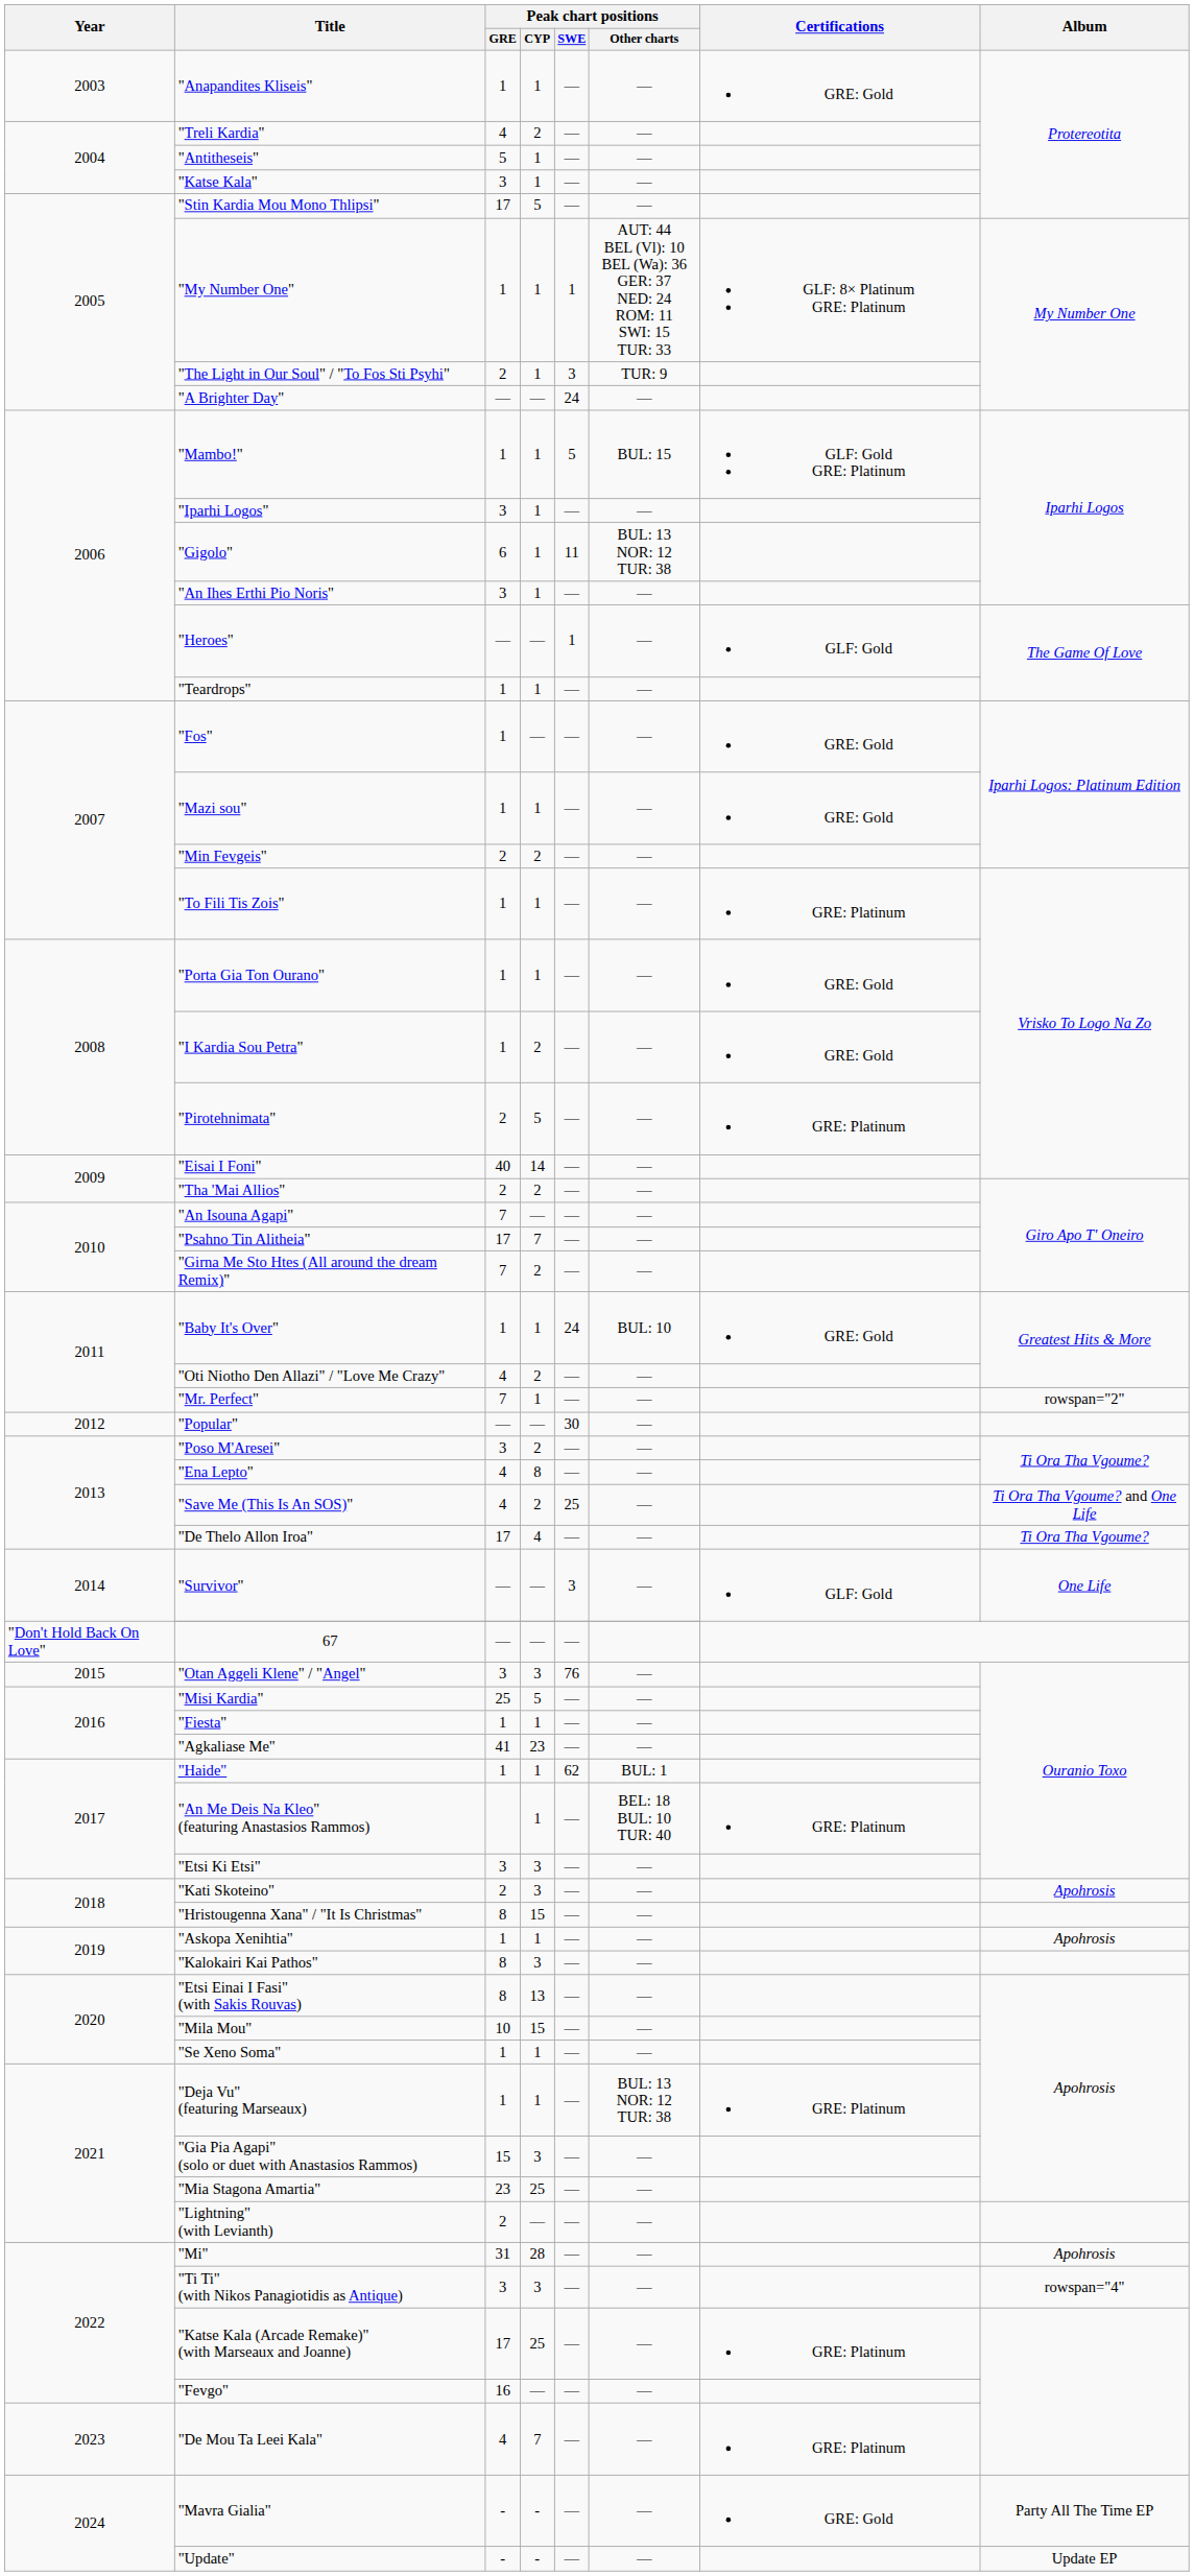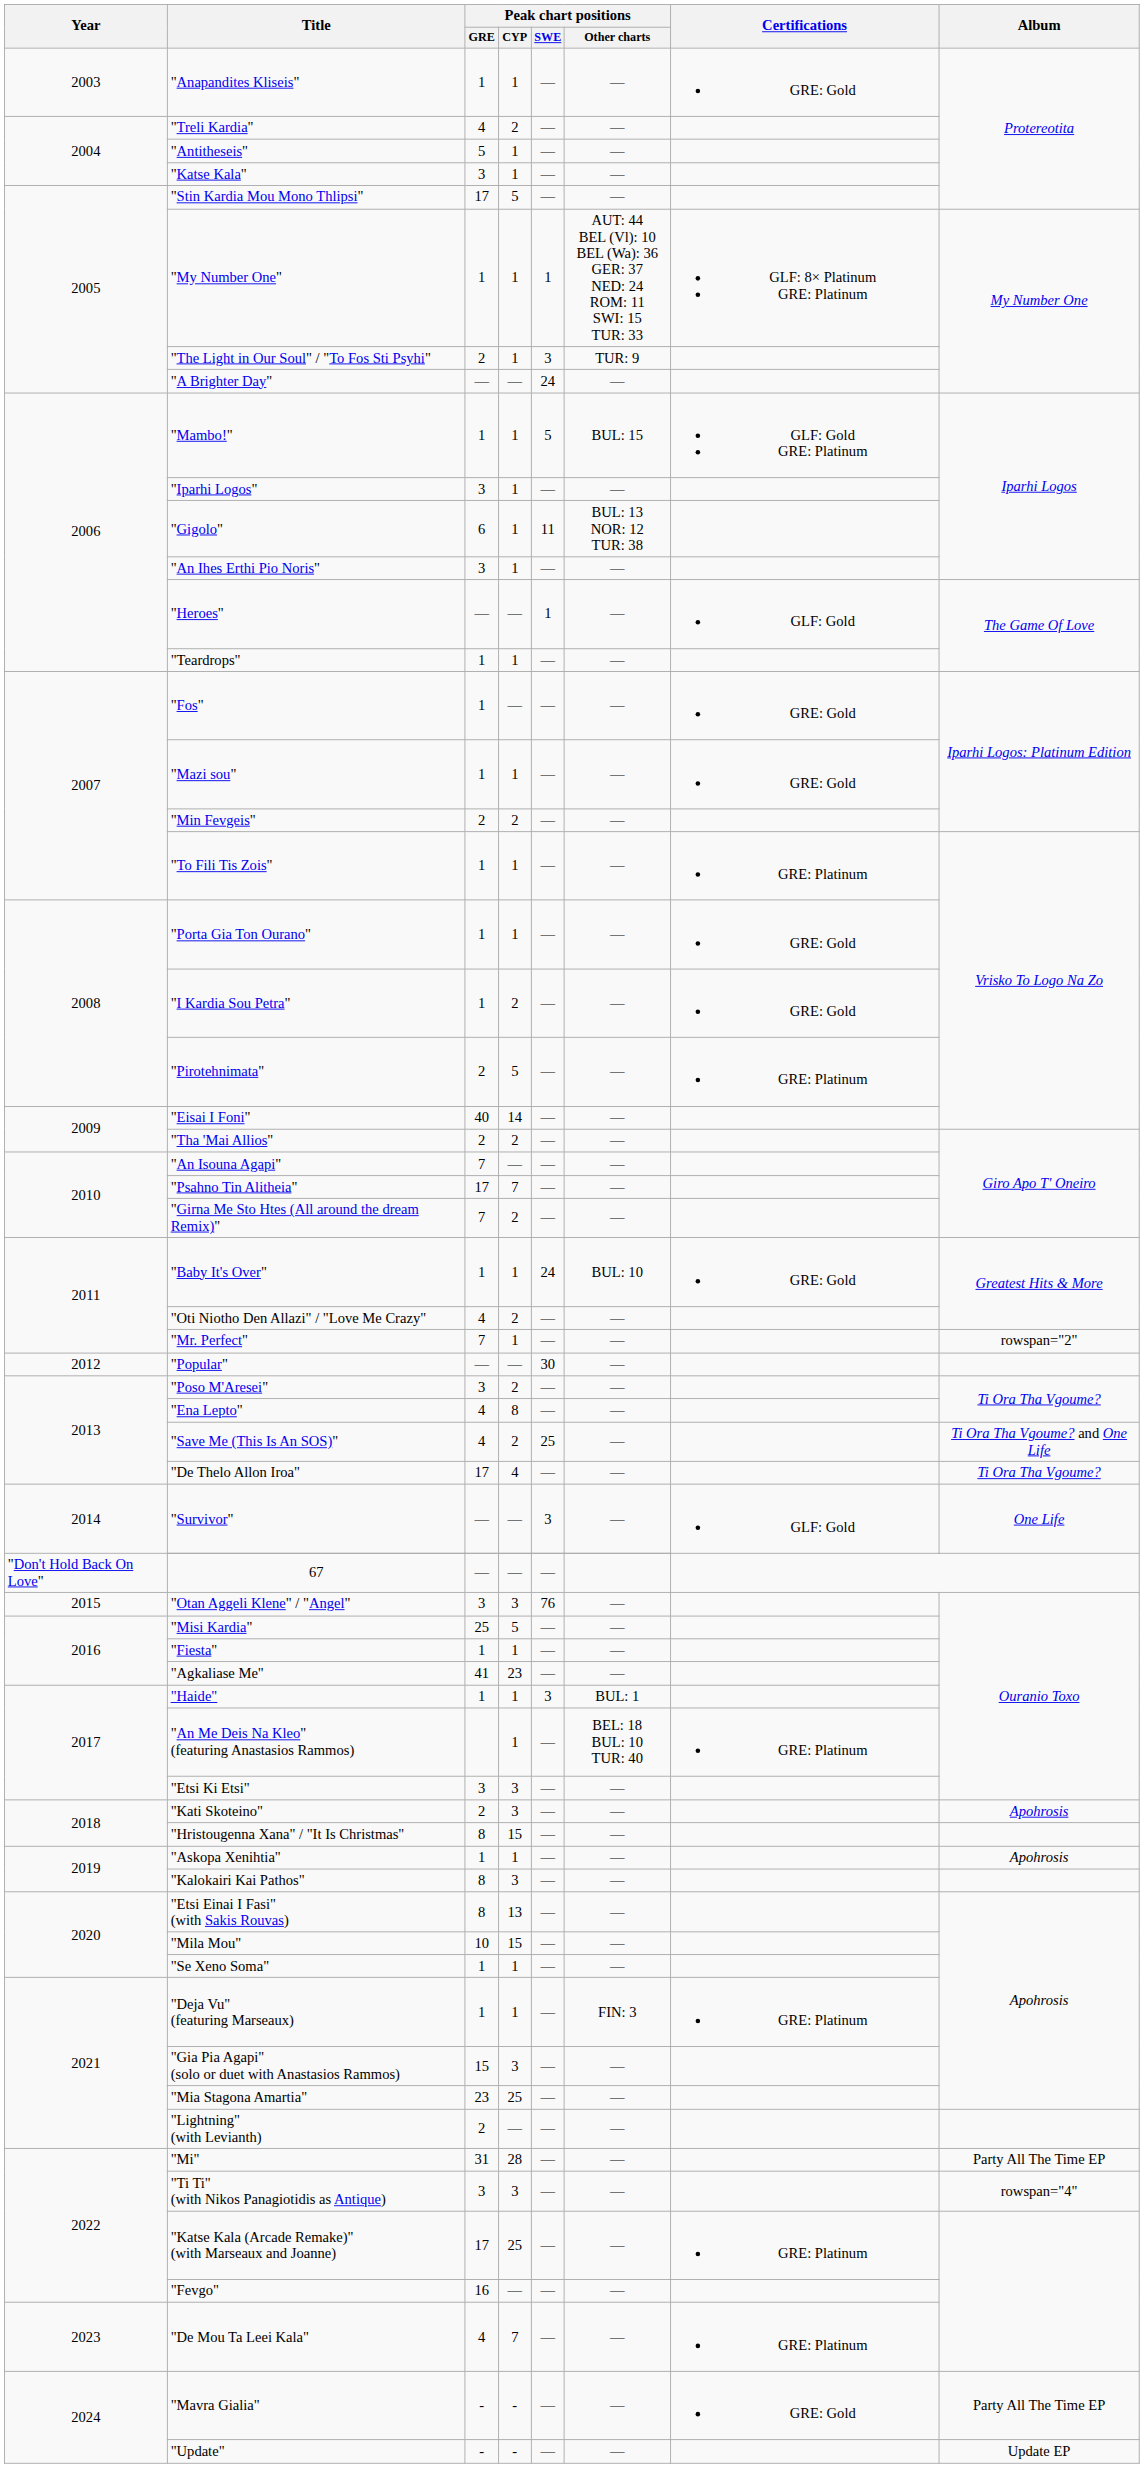 <table class="wikitable" style="text-align:center;">
 <tr>
 <th rowspan="2">Year</th>
 <th scope="col" rowspan="2" style="width:20em;">Title</th>
 <th colspan="4">Peak chart positions</th>
 <th scope="col" rowspan="2" style="width:18em;"><a href='#'>Certifications</a></th>
 <th rowspan="2">Album</th>
 </tr>
 <tr style="font-size:smaller">
 <th width="30">GRE</th>
 <th width="30">CYP</th>
 <th width="30"><a href='#'>SWE</a> <br></th>
 <th width="110">Other charts</th>
 </tr>
 <tr>
 <td rowspan="1">2003</td>
 <td align="left">"<a href='#'>Anapandites Kliseis</a>"</td>
 <td>1</td>
 <td>1</td>
 <td>—</td>
 <td>—</td>
 <td><br><ul><li>GRE: Gold</li></ul></td>
 <td rowspan="5"><em><a href='#'>Protereotita</a></em></td>
 </tr>
 <tr>
 <td rowspan="3">2004</td>
 <td align="left">"<a href='#'>Treli Kardia</a>"</td>
 <td>4</td>
 <td>2</td>
 <td>—</td>
 <td>—</td>
 <td></td>
 </tr>
 <tr>
 <td align="left">"<a href='#'>Antitheseis</a>"</td>
 <td>5</td>
 <td>1</td>
 <td>—</td>
 <td>—</td>
 <td></td>
 </tr>
 <tr>
 <td align="left">"<a href='#'>Katse Kala</a>"</td>
 <td>3</td>
 <td>1</td>
 <td>—</td>
 <td>—</td>
 <td></td>
 </tr>
 <tr>
 <td rowspan="4">2005</td>
 <td align="left">"<a href='#'>Stin Kardia Mou Mono Thlipsi</a>"</td>
 <td>17</td>
 <td>5</td>
 <td>—</td>
 <td>—</td>
 <td></td>
 </tr>
 <tr>
 <td align="left">"<a href='#'>My Number One</a>"</td>
 <td>1</td>
 <td>1</td>
 <td>1</td>
 <td>AUT: 44 <br> BEL (Vl): 10 <br> BEL (Wa): 36 <br> GER: 37 <br> NED: 24<br> ROM: 11<br> SWI: 15 <br> TUR: 33</td>
 <td><br><ul><li>GLF: 8× Platinum</li><li>GRE: Platinum</li></ul></td>
 <td rowspan="3"><em><a href='#'>My Number One</a></em></td>
 </tr>
 <tr>
 <td align="left">"<a href='#'>The Light in Our Soul</a>" / "<a href='#'>To Fos Sti Psyhi</a>"</td>
 <td>2</td>
 <td>1</td>
 <td>3</td>
 <td>TUR: 9</td>
 <td></td>
 </tr>
 <tr>
 <td align="left">"<a href='#'>A Brighter Day</a>"</td>
 <td>—</td>
 <td>—</td>
 <td>24</td>
 <td>—</td>
 <td></td>
 </tr>
 <tr>
 <td rowspan="6">2006</td>
 <td align="left">"<a href='#'>Mambo!</a>"</td>
 <td>1</td>
 <td>1</td>
 <td>5</td>
 <td>BUL: 15</td>
 <td><br><ul><li>GLF: Gold</li><li>GRE: Platinum</li></ul></td>
 <td rowspan="4"><em><a href='#'>Iparhi Logos</a></em></td>
 </tr>
 <tr>
 <td align="left">"<a href='#'>Iparhi Logos</a>"</td>
 <td>3</td>
 <td>1</td>
 <td>—</td>
 <td>—</td>
 <td></td>
 </tr>
 <tr>
 <td align="left">"<a href='#'>Gigolo</a>"</td>
 <td>6</td>
 <td>1</td>
 <td>11</td>
 <td>BUL: 13 <br> NOR: 12 <br>TUR: 38</td>
 <td></td>
 </tr>
 <tr>
 <td align="left">"<a href='#'>An Ihes Erthi Pio Noris</a>"</td>
 <td>3</td>
 <td>1</td>
 <td>—</td>
 <td>—</td>
 <td></td>
 </tr>
 <tr>
 <td align="left">"<a href='#'>Heroes</a>"</td>
 <td>—</td>
 <td>—</td>
 <td>1</td>
 <td>—</td>
 <td><br><ul><li>GLF: Gold</li></ul></td>
 <td rowspan="2"><em><a href='#'>The Game Of Love</a></em></td>
 </tr>
 <tr>
 <td align="left">"Teardrops"</td>
 <td>1</td>
 <td>1</td>
 <td>—</td>
 <td>—</td>
 <td></td>
 </tr>
 <tr>
 <td rowspan="4">2007</td>
 <td align="left">"<a href='#'>Fos</a>"</td>
 <td>1</td>
 <td>—</td>
 <td>—</td>
 <td>—</td>
 <td><br><ul><li>GRE: Gold</li></ul></td>
 <td rowspan="3"><em><a href='#'>Iparhi Logos: Platinum Edition</a></em></td>
 </tr>
 <tr>
 <td align="left">"<a href='#'>Mazi sou</a>"</td>
 <td>1</td>
 <td>1</td>
 <td>—</td>
 <td>—</td>
 <td><br><ul><li>GRE: Gold</li></ul></td>
 </tr>
 <tr>
 <td align="left">"<a href='#'>Min Fevgeis</a>"</td>
 <td>2</td>
 <td>2</td>
 <td>—</td>
 <td>—</td>
 <td></td>
 </tr>
 <tr>
 <td align="left">"<a href='#'>To Fili Tis Zois</a>"</td>
 <td>1</td>
 <td>1</td>
 <td>—</td>
 <td>—</td>
 <td><br><ul><li>GRE: Platinum</li></ul></td>
 <td rowspan="5"><em><a href='#'>Vrisko To Logo Na Zo</a></em></td>
 </tr>
 <tr>
 <td rowspan="3">2008</td>
 <td align="left">"<a href='#'>Porta Gia Ton Ourano</a>"</td>
 <td>1</td>
 <td>1</td>
 <td>—</td>
 <td>—</td>
 <td><br><ul><li>GRE: Gold</li></ul></td>
 </tr>
 <tr>
 <td align="left">"<a href='#'>I Kardia Sou Petra</a>"</td>
 <td>1</td>
 <td>2</td>
 <td>—</td>
 <td>—</td>
 <td><br><ul><li>GRE: Gold</li></ul></td>
 </tr>
 <tr>
 <td align="left">"<a href='#'>Pirotehnimata</a>"</td>
 <td>2</td>
 <td>5</td>
 <td>—</td>
 <td>—</td>
 <td><br><ul><li>GRE: Platinum</li></ul></td>
 </tr>
 <tr>
 <td rowspan="2">2009</td>
 <td align="left">"<a href='#'>Eisai I Foni</a>"</td>
 <td>40</td>
 <td>14</td>
 <td>—</td>
 <td>—</td>
 <td></td>
 </tr>
 <tr>
 <td align="left">"<a href='#'>Tha 'Mai Allios</a>"</td>
 <td>2</td>
 <td>2</td>
 <td>—</td>
 <td>—</td>
 <td></td>
 <td rowspan="4"><em><a href='#'>Giro Apo T' Oneiro</a></em></td>
 </tr>
 <tr>
 <td rowspan="3">2010</td>
 <td align="left">"<a href='#'>An Isouna Agapi</a>"</td>
 <td>7</td>
 <td>—</td>
 <td>—</td>
 <td>—</td>
 <td></td>
 </tr>
 <tr>
 <td align="left">"<a href='#'>Psahno Tin Alitheia</a>"</td>
 <td>17</td>
 <td>7</td>
 <td>—</td>
 <td>—</td>
 <td></td>
 </tr>
 <tr>
 <td align="left">"<a href='#'>Girna Me Sto Htes (All around the dream Remix)</a>"</td>
 <td>7</td>
 <td>2</td>
 <td>—</td>
 <td>—</td>
 <td></td>
 </tr>
 <tr>
 <td rowspan="3">2011</td>
 <td align="left">"<a href='#'>Baby It's Over</a>"</td>
 <td>1</td>
 <td>1</td>
 <td>24</td>
 <td>BUL: 10</td>
 <td><br><ul><li>GRE: Gold</li></ul></td>
 <td rowspan="2"><em><a href='#'>Greatest Hits & More</a> </em></td>
 </tr>
 <tr>
 <td align="left">"Oti Niotho Den Allazi" / "Love Me Crazy"</td>
 <td>4</td>
 <td>2</td>
 <td>—</td>
 <td>—</td>
 <td></td>
 </tr>
 <tr>
 <td align="left">"<a href='#'>Mr. Perfect</a>"</td>
 <td>7</td>
 <td>1</td>
 <td>—</td>
 <td>—</td>
 <td></td>
 <td>rowspan="2" </td>
 </tr>
 <tr>
 <td>2012</td>
 <td align="left">"<a href='#'>Popular</a>"</td>
 <td>—</td>
 <td>—</td>
 <td>30</td>
 <td>—</td>
 <td></td>
 </tr>
 <tr>
 <td rowspan="4">2013</td>
 <td align="left">"<a href='#'>Poso M'Aresei</a>"</td>
 <td>3</td>
 <td>2</td>
 <td>—</td>
 <td>—</td>
 <td></td>
 <td rowspan="2"><em><a href='#'>Ti Ora Tha Vgoume?</a></em></td>
 </tr>
 <tr>
 <td align="left">"<a href='#'>Ena Lepto</a>"</td>
 <td>4</td>
 <td>8</td>
 <td>—</td>
 <td>—</td>
 <td></td>
 </tr>
 <tr>
 <td align="left">"<a href='#'>Save Me (This Is An SOS)</a>"</td>
 <td>4</td>
 <td>2</td>
 <td>25</td>
 <td>—</td>
 <td></td>
 <td rowspan="1"><em><a href='#'>Ti Ora Tha Vgoume?</a></em> and <em><a href='#'>One Life</a></em></td>
 </tr>
 <tr>
 <td align="left">"De Thelo Allon Iroa"</td>
 <td>17</td>
 <td>4</td>
 <td>—</td>
 <td>—</td>
 <td></td>
 <td><em><a href='#'>Ti Ora Tha Vgoume?</a></em></td>
 </tr>
 <tr>
 <td rowspan="2">2014</td>
 <td align="left">"<a href='#'>Survivor</a>"</td>
 <td>—</td>
 <td>—</td>
 <td>3</td>
 <td>—</td>
 <td><br><ul><li>GLF: Gold</li></ul></td>
 <td rowspan="2"><em><a href='#'>One Life</a></em></td>
 </tr>
 <tr>
 </tr>
 <tr>
 <td align="left">"<a href='#'>Don't Hold Back On Love</a>"</td>
 <td>67</td>
 <td>—</td>
 <td>—</td>
 <td>—</td>
 <td></td>
 </tr>
 <tr>
 <td>2015</td>
 <td align="left">"<a href='#'>Otan Aggeli Klene</a>" / "<a href='#'>Angel</a>"</td>
 <td>3</td>
 <td>3</td>
 <td>76</td>
 <td>—</td>
 <td></td>
 <td rowspan="7"><em><a href='#'>Ouranio Toxo</a></em></td>
 </tr>
 <tr>
 <td rowspan="3">2016</td>
 <td align="left">"<a href='#'>Misi Kardia</a>"</td>
 <td>25</td>
 <td>5</td>
 <td>—</td>
 <td>—</td>
 <td></td>
 </tr>
 <tr>
 <td align="left">"<a href='#'>Fiesta</a>"</td>
 <td>1</td>
 <td>1</td>
 <td>—</td>
 <td>—</td>
 <td></td>
 </tr>
 <tr>
 <td align="left">"Agkaliase Me"</td>
 <td>41</td>
 <td>23</td>
 <td>—</td>
 <td>—</td>
 <td></td>
 </tr>
 <tr>
 <td rowspan="3">2017</td>
 <td align="left"><a href='#'>"Haide"</a></td>
 <td>1</td>
 <td>1</td>
-<td>62</td>
+<td>3</td>
 <td>BUL: 1</td>
 <td></td>
 </tr>
 <tr>
 <td align="left">"<a href='#'>An Me Deis Na Kleo</a>" <br><span>(featuring Anastasios Rammos)</span></td>
 <td></td>
 <td>1</td>
 <td>—</td>
 <td>BEL: 18 <br>BUL: 10 <br> TUR: 40</td>
 <td><br><ul><li>GRE: Platinum</li></ul></td>
 </tr>
 <tr>
 <td align="left">"Etsi Ki Etsi"</td>
 <td>3</td>
 <td>3</td>
 <td>—</td>
 <td>—</td>
 <td></td>
 </tr>
 <tr>
 <td rowspan="2">2018</td>
 <td align="left">"Kati Skoteino"</td>
 <td>2</td>
 <td>3</td>
 <td>—</td>
 <td>—</td>
 <td></td>
 <td><em><a href='#'>Apohrosis</a></em></td>
 </tr>
 <tr>
 <td align="left">"Hristougenna Xana" / "It Is Christmas"</td>
 <td>8</td>
 <td>15</td>
 <td>—</td>
 <td>—</td>
 <td></td>
 <td></td>
 </tr>
 <tr>
 <td rowspan="2">2019</td>
 <td align="left">"Askopa Xenihtia"</td>
 <td>1</td>
 <td>1</td>
 <td>—</td>
 <td>—</td>
 <td></td>
 <td><em>Apohrosis</em></td>
 </tr>
 <tr>
 <td align="left">"Kalokairi Kai Pathos"</td>
 <td>8</td>
 <td>3</td>
 <td>—</td>
 <td>—</td>
 <td></td>
 <td></td>
 </tr>
 <tr>
 <td rowspan="3">2020</td>
 <td align="left">"Etsi Einai I Fasi" <br><span>(with <a href='#'>Sakis Rouvas</a>)</span></td>
 <td>8</td>
 <td>13</td>
 <td>—</td>
 <td>—</td>
 <td></td>
 <td rowspan="6"><em>Apohrosis</em></td>
 </tr>
 <tr>
 <td align="left">"Mila Mou"</td>
 <td>10</td>
 <td>15</td>
 <td>—</td>
 <td>—</td>
 <td></td>
 </tr>
 <tr>
 <td align="left">"Se Xeno Soma"</td>
 <td>1</td>
 <td>1</td>
 <td>—</td>
 <td>—</td>
 <td></td>
 </tr>
 <tr>
 <td rowspan="4">2021</td>
 <td align="left">"Deja Vu" <br><span>(featuring Marseaux)</span></td>
 <td>1</td>
 <td>1</td>
 <td>—</td>
-<td>BUL: 13 <br> NOR: 12 <br>TUR: 38</td>
+<td>FIN: 3 <br></td>
 <td><br><ul><li>GRE: Platinum</li></ul></td>
 </tr>
 <tr>
 <td align="left">"Gia Pia Agapi" <br><span>(solo or duet with Anastasios Rammos)</span></td>
 <td>15</td>
 <td>3</td>
 <td>—</td>
 <td>—</td>
 <td></td>
 </tr>
 <tr>
 <td align="left">"Mia Stagona Amartia"</td>
 <td>23</td>
 <td>25</td>
 <td>—</td>
 <td>—</td>
 <td></td>
 </tr>
 <tr>
 <td align="left">"Lightning" <br><span>(with Levianth)</span></td>
 <td>2</td>
 <td>—</td>
 <td>—</td>
 <td>—</td>
 <td></td>
 <td></td>
 </tr>
 <tr>
 <td rowspan="4">2022</td>
 <td align="left">"Mi"</td>
 <td>31</td>
 <td>28</td>
 <td>—</td>
 <td>—</td>
 <td></td>
-<td><em>Apohrosis</em></td>
+<td>Party All The Time EP</td>
 </tr>
 <tr>
 <td align="left">"Ti Ti" <br><span>(with Nikos Panagiotidis as <a href='#'>Antique</a>)</span></td>
 <td>3</td>
 <td>3</td>
 <td>—</td>
 <td>—</td>
 <td></td>
 <td>rowspan="4" </td>
 </tr>
 <tr>
 <td align="left">"Katse Kala (Arcade Remake)" <br><span>(with Marseaux and Joanne)</span></td>
 <td>17</td>
 <td>25</td>
 <td>—</td>
 <td>—</td>
 <td><br><ul><li>GRE: Platinum</li></ul></td>
 </tr>
 <tr>
 <td align="left">"Fevgo"</td>
 <td>16</td>
 <td>—</td>
 <td>—</td>
 <td>—</td>
 <td></td>
 </tr>
 <tr>
 <td>2023</td>
 <td align="left">"De Mou Ta Leei Kala"</td>
 <td>4</td>
 <td>7</td>
 <td>—</td>
 <td>—</td>
 <td><br><ul><li>GRE: Platinum</li></ul></td>
 </tr>
 <tr>
 <td rowspan="2">2024</td>
 <td align="left">"Mavra Gialia"</td>
 <td>-</td>
 <td>-</td>
 <td>—</td>
 <td>—</td>
 <td><br><ul><li>GRE: Gold</li></ul></td>
 <td>Party All The Time EP</td>
 </tr>
 <tr>
 <td align="left">"Update"</td>
 <td>-</td>
 <td>-</td>
 <td>—</td>
 <td>—</td>
 <td></td>
 <td>Update EP</td>
 </tr>
 </table>
